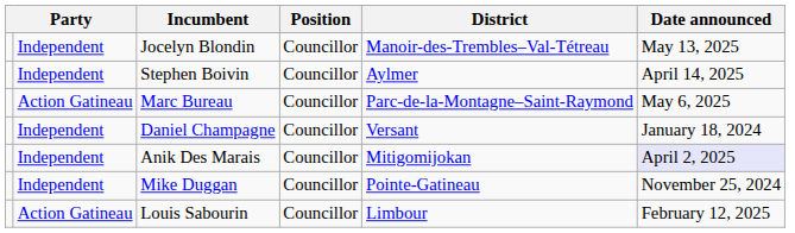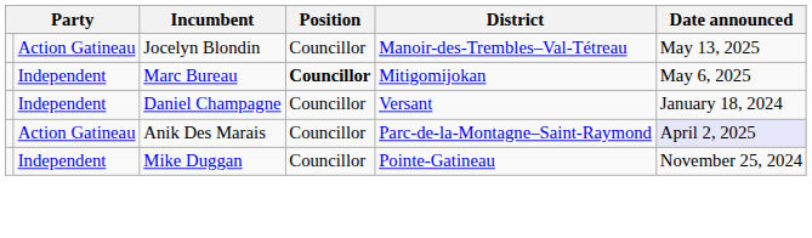 <table class="wikitable sortable">
 <tr>
 <th colspan="2">Party</th>
 <th>Incumbent</th>
 <th>Position</th>
 <th>District</th>
 <th>Date announced</th>
 </tr>
 <tr>
 <td style="background-color:"></td>
-<td><a href='#'>Independent</a></td>
+<td><a href='#'>Action Gatineau</a></td>
 <td>Jocelyn Blondin</td>
 <td>Councillor</td>
 <td><a href='#'>Manoir-des-Trembles–Val-Tétreau</a></td>
 <td>May 13, 2025</td>
 </tr>
 <tr>
 <td style="background-color:"></td>
 <td><a href='#'>Independent</a></td>
-<td>Stephen Boivin</td>
-<td>Councillor</td>
-<td><a href='#'>Aylmer</a></td>
-<td>April 14, 2025</td>
-</tr>
-<tr>
-<td style="background-color:"></td>
-<td><a href='#'>Action Gatineau</a></td>
 <td><a href='#'>Marc Bureau</a></td>
-<td>Councillor</td>
-<td><a href='#'>Parc-de-la-Montagne–Saint-Raymond</a></td>
+<td><strong>Councillor</strong></td>
+<td><a href='#'>Mitigomijokan</a></td>
 <td>May 6, 2025</td>
 </tr>
 <tr>
 <td style="background-color:"></td>
 <td><a href='#'>Independent</a></td>
 <td><a href='#'>Daniel Champagne</a></td>
 <td>Councillor</td>
 <td><a href='#'>Versant</a></td>
 <td>January 18, 2024</td>
 </tr>
 <tr>
 <td style="background-color:"></td>
-<td><a href='#'>Independent</a></td>
+<td><a href='#'>Action Gatineau</a></td>
 <td>Anik Des Marais</td>
 <td>Councillor</td>
-<td><a href='#'>Mitigomijokan</a></td>
+<td><a href='#'>Parc-de-la-Montagne–Saint-Raymond</a></td>
 <td style="background: lavender;">April 2, 2025</td>
 </tr>
 <tr>
 <td style="background-color:"></td>
 <td><a href='#'>Independent</a></td>
 <td><a href='#'>Mike Duggan</a></td>
 <td>Councillor</td>
 <td><a href='#'>Pointe-Gatineau</a></td>
 <td>November 25, 2024</td>
 </tr>
-<tr>
-<td style="background-color:"></td>
-<td><a href='#'>Action Gatineau</a></td>
-<td>Louis Sabourin</td>
-<td>Councillor</td>
-<td><a href='#'>Limbour</a></td>
-<td>February 12, 2025</td>
-</tr>
 </table>
